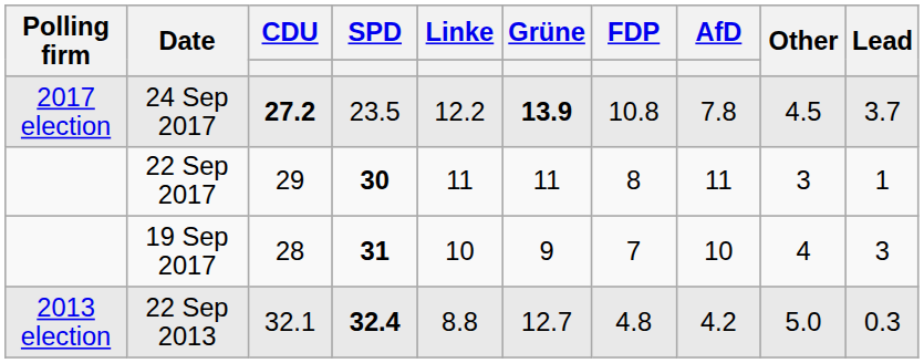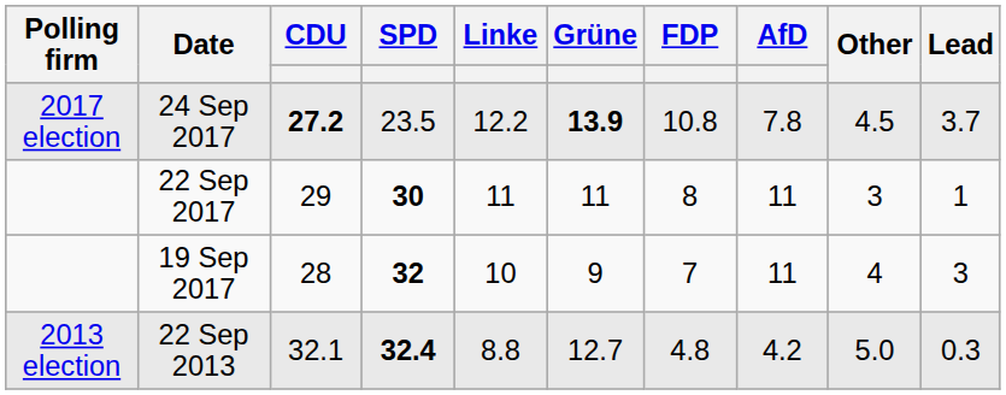 <table class="wikitable sortable" style="text-align:center; font-size:90%; line-height:16px;">
 <tr>
 <th style="width:60px;" rowspan="2">Polling firm</th>
 <th style="width:60px;" rowspan="2">Date</th>
 <th style="width:40px;" class="unsortable"><a href='#'>CDU</a></th>
 <th style="width:40px;" class="unsortable"><a href='#'>SPD</a></th>
 <th style="width:40px;" class="unsortable"><a href='#'>Linke</a></th>
 <th style="width:40px;" class="unsortable"><a href='#'>Grüne</a></th>
 <th style="width:40px;" class="unsortable"><a href='#'>FDP</a></th>
 <th style="width:40px;" class="unsortable"><a href='#'>AfD</a></th>
 <th style="width:40px;" rowspan="2" class="unsortable">Other</th>
 <th style="width:30px;" rowspan="2" class="unsortable">Lead</th>
 </tr>
 <tr>
 <th style="color:inherit;background:"></th>
 <th style="color:inherit;background:"></th>
 <th style="color:inherit;background:"></th>
 <th style="color:inherit;background:"></th>
 <th style="color:inherit;background:"></th>
 <th style="color:inherit;background:"></th>
 </tr>
 <tr style="background-color:#E9E9E9">
 <td><a href='#'>2017 election</a></td>
 <td>24 Sep 2017</td>
 <td><strong>27.2</strong></td>
 <td>23.5</td>
 <td>12.2</td>
 <td><strong>13.9</strong></td>
 <td>10.8</td>
 <td>7.8</td>
 <td>4.5</td>
 <td style="background:">3.7</td>
 </tr>
 <tr>
 <td></td>
 <td>22 Sep 2017</td>
 <td>29</td>
 <td><strong>30</strong></td>
 <td>11</td>
 <td>11</td>
 <td>8</td>
 <td>11</td>
 <td>3</td>
 <td style="background:">1</td>
 </tr>
 <tr>
 <td></td>
 <td>19 Sep 2017</td>
 <td>28</td>
-<td><strong>31</strong></td>
+<td><strong>32</strong></td>
 <td>10</td>
 <td>9</td>
 <td>7</td>
-<td>10</td>
+<td>11</td>
 <td>4</td>
 <td style="background:">3</td>
 </tr>
 <tr style="background-color:#E9E9E9">
 <td><a href='#'>2013 election</a></td>
 <td>22 Sep 2013</td>
 <td>32.1</td>
 <td><strong>32.4</strong></td>
 <td>8.8</td>
 <td>12.7</td>
 <td>4.8</td>
 <td>4.2</td>
 <td>5.0</td>
 <td style="background:">0.3</td>
 </tr>
 </table>
